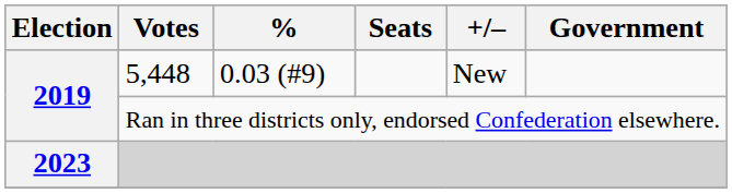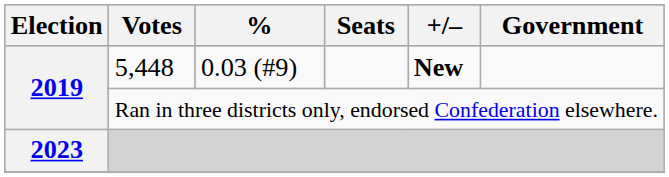 <table class=wikitable>
 <tr>
 <th>Election</th>
 <th>Votes</th>
 <th>%</th>
 <th>Seats</th>
 <th>+/–</th>
 <th>Government</th>
 </tr>
 <tr>
 <th rowspan="2"><a href='#'>2019</a></th>
 <td>5,448</td>
 <td>0.03 (#9)</td>
 <td></td>
-<td>New</td>
+<td><strong>New</strong></td>
 <td></td>
 </tr>
 <tr>
 <td colspan=7><small>Ran in three districts only, endorsed <a href='#'>Confederation</a> elsewhere.</small></td>
 </tr>
 <tr>
 <th><a href='#'>2023</a></th>
 <td colspan=5 style="background:lightgrey;"></td>
 </tr>
 <tr>
 </tr>
 </table>
